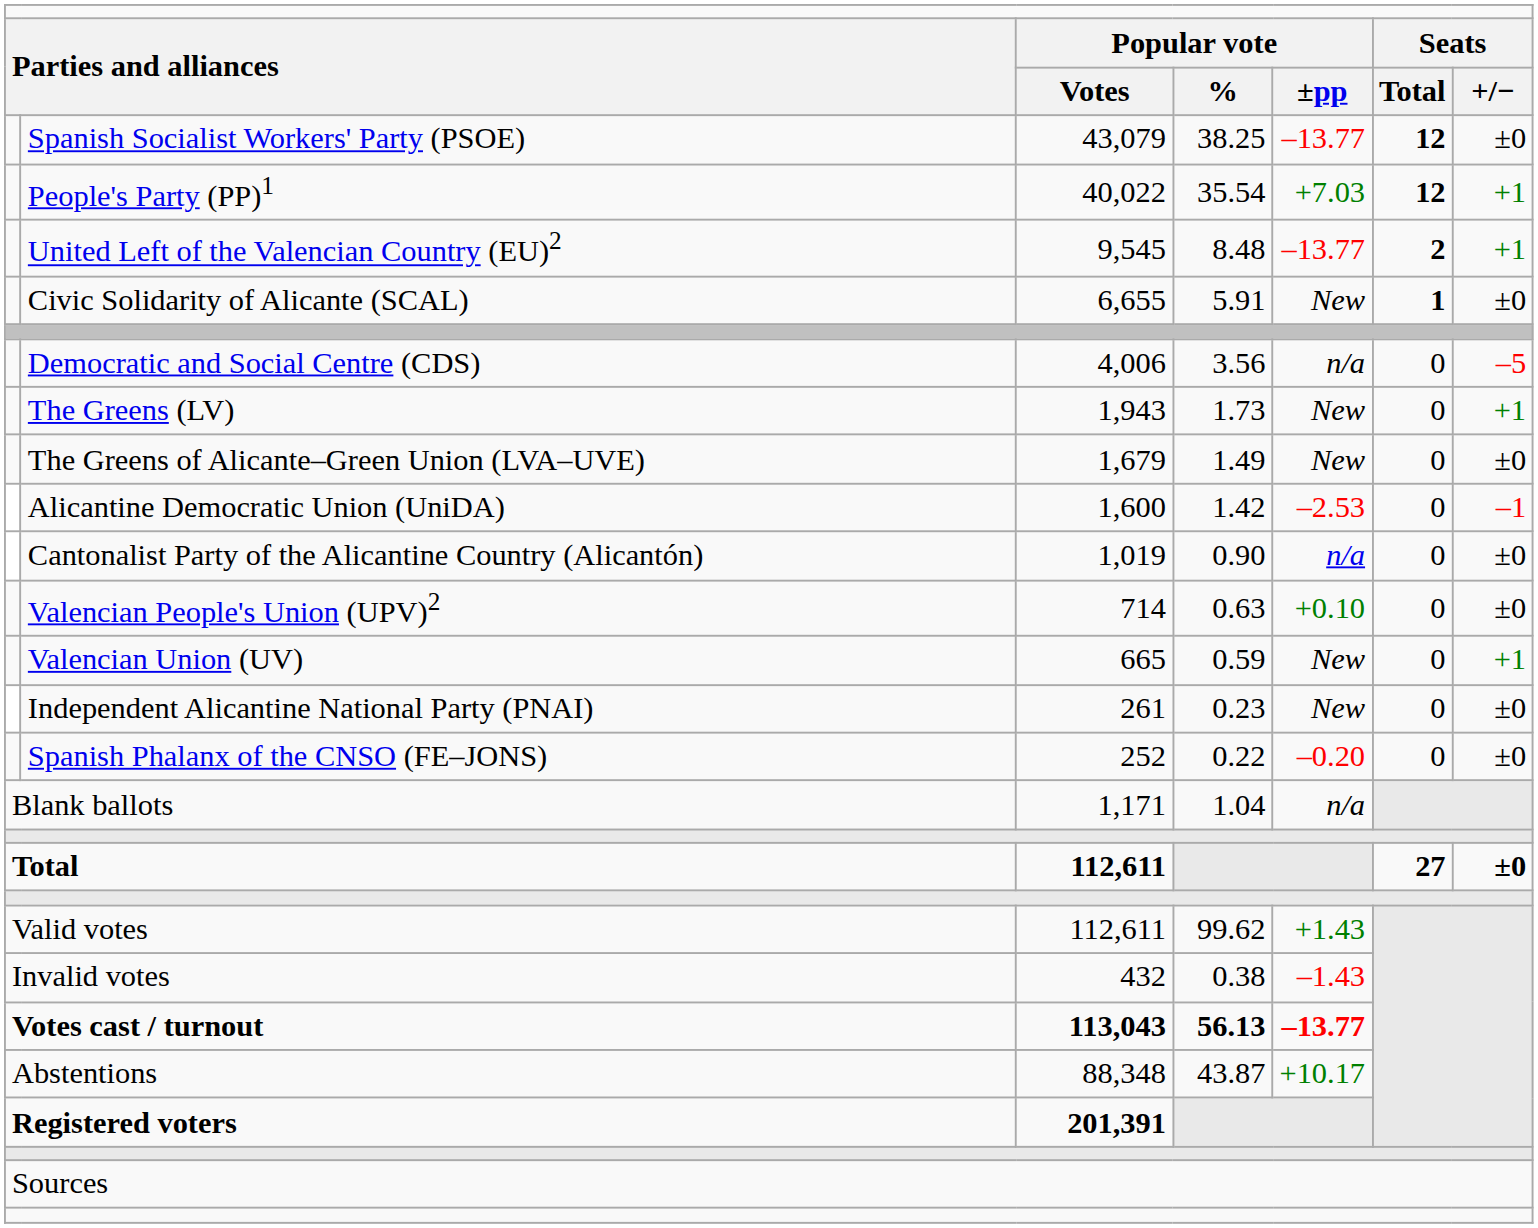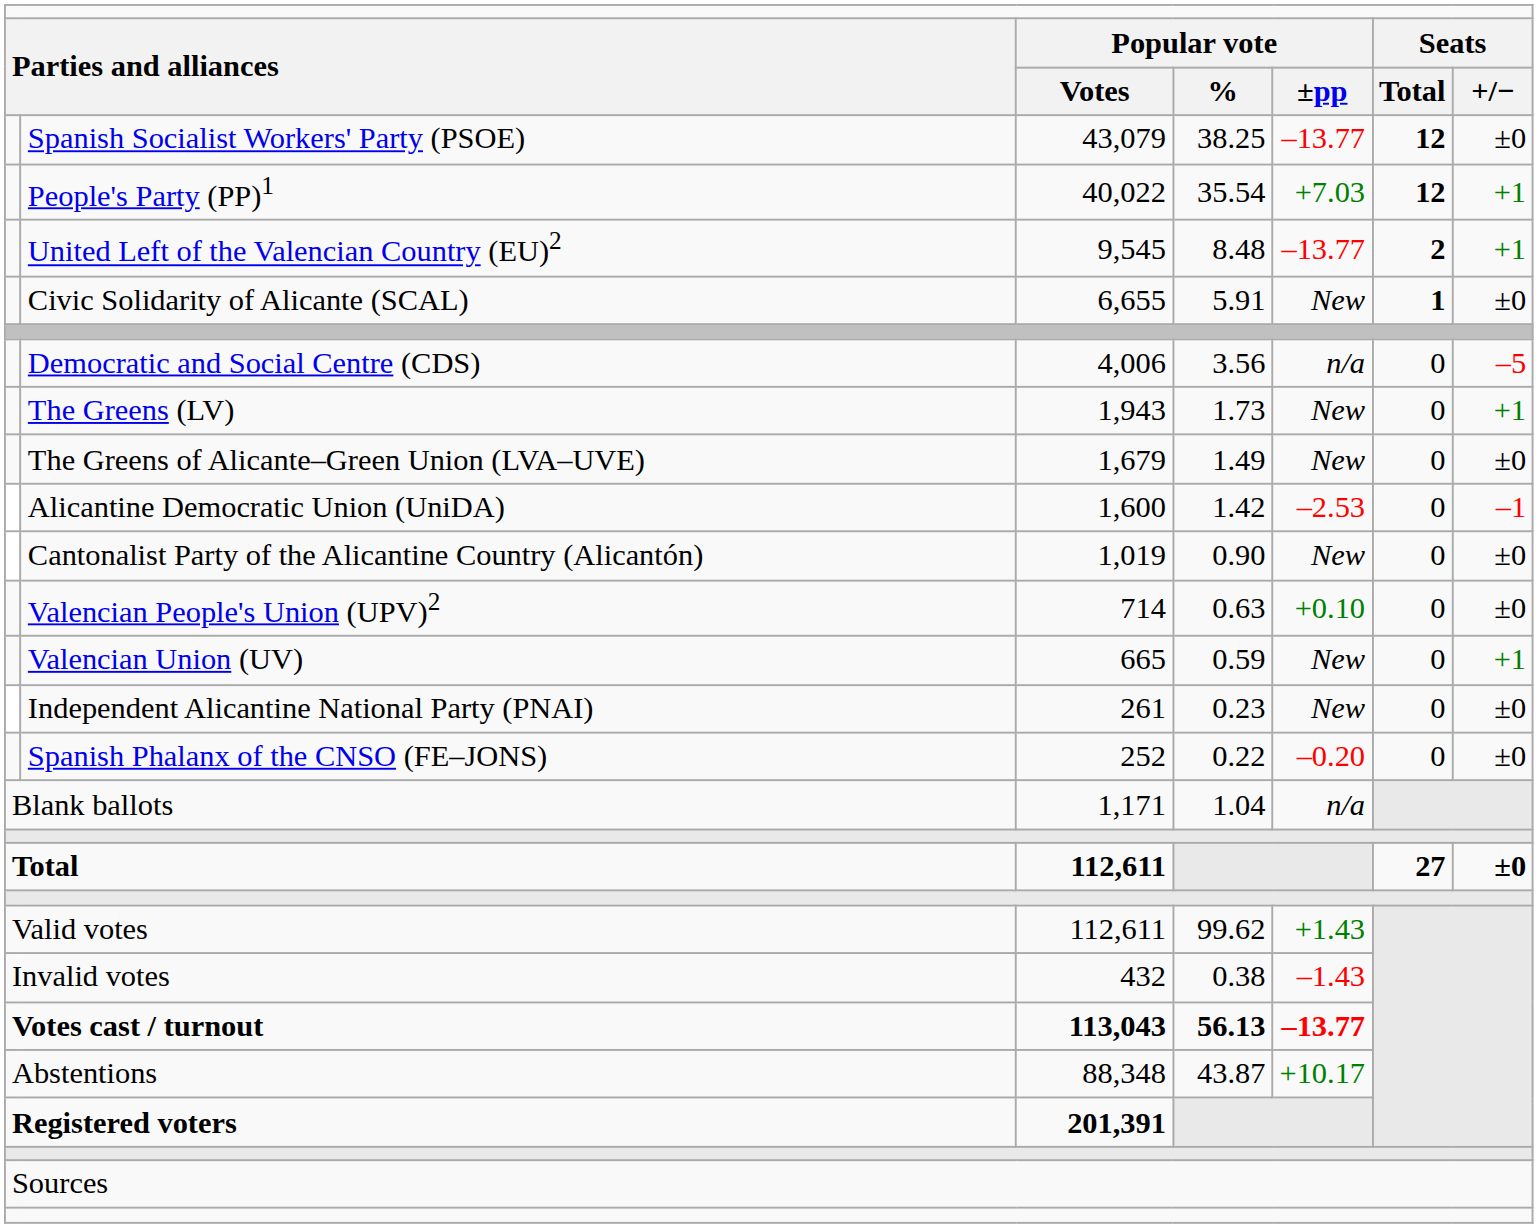 <table class="wikitable" style="text-align:right;">
 <tr>
 <td colspan="7"></td>
 </tr>
 <tr>
 <th style="text-align:left;" rowspan="2" colspan="2" width="525">Parties and alliances</th>
 <th colspan="3">Popular vote</th>
 <th colspan="2">Seats</th>
 </tr>
 <tr>
 <th width="75">Votes</th>
 <th width="45">%</th>
 <th width="45">±<a href='#'>pp</a></th>
 <th width="35">Total</th>
 <th width="35">+/−</th>
 </tr>
 <tr>
 <td width="1" style="color:inherit;background:"></td>
 <td align="left"><a href='#'>Spanish Socialist Workers' Party</a> (PSOE)</td>
 <td>43,079</td>
 <td>38.25</td>
 <td style="color:red;">–13.77</td>
 <td><strong>12</strong></td>
 <td>±0</td>
 </tr>
 <tr>
 <td style="color:inherit;background:"></td>
 <td align="left"><a href='#'>People's Party</a> (PP)<sup>1</sup></td>
 <td>40,022</td>
 <td>35.54</td>
 <td style="color:green;">+7.03</td>
 <td><strong>12</strong></td>
 <td style="color:green;">+1</td>
 </tr>
 <tr>
 <td style="color:inherit;background:"></td>
 <td align="left"><a href='#'>United Left of the Valencian Country</a> (EU)<sup>2</sup></td>
 <td>9,545</td>
 <td>8.48</td>
 <td style="color:red;">–13.77</td>
 <td><strong>2</strong></td>
 <td style="color:green;">+1</td>
 </tr>
 <tr>
 <td style="color:inherit;background:"></td>
 <td align="left">Civic Solidarity of Alicante (SCAL)</td>
 <td>6,655</td>
 <td>5.91</td>
 <td><em>New</em></td>
 <td><strong>1</strong></td>
 <td>±0</td>
 </tr>
 <tr>
 <td colspan="7" bgcolor="#C0C0C0"></td>
 </tr>
 <tr>
 <td style="color:inherit;background:"></td>
 <td align="left"><a href='#'>Democratic and Social Centre</a> (CDS)</td>
 <td>4,006</td>
 <td>3.56</td>
 <td><em>n/a</em></td>
 <td>0</td>
 <td style="color:red;">–5</td>
 </tr>
 <tr>
 <td style="color:inherit;background:"></td>
 <td align="left"><a href='#'>The Greens</a> (LV)</td>
 <td>1,943</td>
 <td>1.73</td>
 <td><em>New</em></td>
 <td>0</td>
 <td style="color:green;">+1</td>
 </tr>
 <tr>
 <td style="color:inherit;background:"></td>
 <td align="left">The Greens of Alicante–Green Union (LVA–UVE)</td>
 <td>1,679</td>
 <td>1.49</td>
 <td><em>New</em></td>
 <td>0</td>
 <td>±0</td>
 </tr>
 <tr>
 <td bgcolor="white"></td>
 <td align="left">Alicantine Democratic Union (UniDA)</td>
 <td>1,600</td>
 <td>1.42</td>
 <td style="color:red;">–2.53</td>
 <td>0</td>
 <td style="color:red;">–1</td>
 </tr>
 <tr>
 <td bgcolor="white"></td>
 <td align="left">Cantonalist Party of the Alicantine Country (Alicantón)</td>
 <td>1,019</td>
 <td>0.90</td>
-<td><em><a href='#'>n/a</a></em></td>
+<td><em>New</em></td>
 <td>0</td>
 <td>±0</td>
 </tr>
 <tr>
 <td style="color:inherit;background:"></td>
 <td align="left"><a href='#'>Valencian People's Union</a> (UPV)<sup>2</sup></td>
 <td>714</td>
 <td>0.63</td>
 <td style="color:green;">+0.10</td>
 <td>0</td>
 <td>±0</td>
 </tr>
 <tr>
 <td style="color:inherit;background:"></td>
 <td align="left"><a href='#'>Valencian Union</a> (UV)</td>
 <td>665</td>
 <td>0.59</td>
 <td><em>New</em></td>
 <td>0</td>
 <td style="color:green;">+1</td>
 </tr>
 <tr>
 <td bgcolor="white"></td>
 <td align="left">Independent Alicantine National Party (PNAI)</td>
 <td>261</td>
 <td>0.23</td>
 <td><em>New</em></td>
 <td>0</td>
 <td>±0</td>
 </tr>
 <tr>
 <td style="color:inherit;background:"></td>
 <td align="left"><a href='#'>Spanish Phalanx of the CNSO</a> (FE–JONS)</td>
 <td>252</td>
 <td>0.22</td>
 <td style="color:red;">–0.20</td>
 <td>0</td>
 <td>±0</td>
 </tr>
 <tr>
 <td align="left" colspan="2">Blank ballots</td>
 <td>1,171</td>
 <td>1.04</td>
 <td><em>n/a</em></td>
 <td bgcolor="#E9E9E9" colspan="2"></td>
 </tr>
 <tr>
 <td colspan="7" bgcolor="#E9E9E9"></td>
 </tr>
 <tr style="font-weight:bold;">
 <td align="left" colspan="2">Total</td>
 <td>112,611</td>
 <td bgcolor="#E9E9E9" colspan="2"></td>
 <td>27</td>
 <td>±0</td>
 </tr>
 <tr>
 <td colspan="7" bgcolor="#E9E9E9"></td>
 </tr>
 <tr>
 <td align="left" colspan="2">Valid votes</td>
 <td>112,611</td>
 <td>99.62</td>
 <td style="color:green;">+1.43</td>
 <td bgcolor="#E9E9E9" colspan="2" rowspan="5"></td>
 </tr>
 <tr>
 <td align="left" colspan="2">Invalid votes</td>
 <td>432</td>
 <td>0.38</td>
 <td style="color:red;">–1.43</td>
 </tr>
 <tr style="font-weight:bold;">
 <td align="left" colspan="2">Votes cast / turnout</td>
 <td>113,043</td>
 <td>56.13</td>
 <td style="color:red;">–13.77</td>
 </tr>
 <tr>
 <td align="left" colspan="2">Abstentions</td>
 <td>88,348</td>
 <td>43.87</td>
 <td style="color:green;">+10.17</td>
 </tr>
 <tr style="font-weight:bold;">
 <td align="left" colspan="2">Registered voters</td>
 <td>201,391</td>
 <td bgcolor="#E9E9E9" colspan="2"></td>
 </tr>
 <tr>
 <td colspan="7" bgcolor="#E9E9E9"></td>
 </tr>
 <tr>
 <td align="left" colspan="7">Sources</td>
 </tr>
 <tr>
 <td colspan="7" style="text-align:left; max-width:790px;"></td>
 </tr>
 </table>
